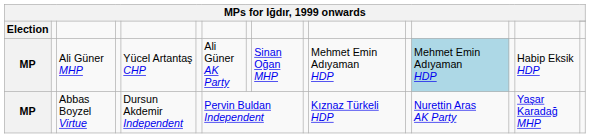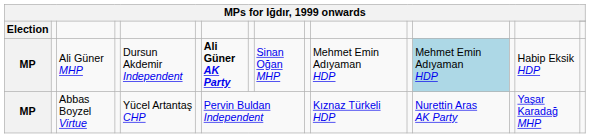 <table class="wikitable">
 <tr>
 <th colspan = 17>MPs for Iğdır, 1999 onwards</th>
 </tr>
 <tr>
 <th rowspan = 2>Election</th>
 <td rowspan="2" style="width:1px;"></td>
 <td rowspan = 2></td>
 <td rowspan="2" style="width:1px;"></td>
 <td rowspan = 2></td>
 <td rowspan="2" style="width:1px;"></td>
 <td rowspan = 2></td>
 <td rowspan="2" style="width:1px;"></td>
 <td rowspan = 2></td>
 <td rowspan="2" style="width:1px;"></td>
 <td rowspan = 2></td>
 <td rowspan="2" style="width:1px;"></td>
 <td rowspan = 2></td>
 <td rowspan="2" style="width:1px;"></td>
 <td rowspan = 2></td>
 </tr>
 <tr>
 <td></td>
 </tr>
 <tr>
 <th>MP</th>
 <td width=1px style="background-color: "></td>
 <td colspan = 1>Ali Güner<br><em><a href='#'>MHP</a></em></td>
 <td width=1px style="background-color: "></td>
-<td colspan = 1>Yücel Artantaş<br><em><a href='#'>CHP</a></em></td>
+<td colspan = 1>Dursun Akdemir<br><em><a href='#'>Independent</a></em></td>
 <td width=1px style="background-color: "></td>
-<td colspan = 1>Ali Güner<br><em><a href='#'>AK Party</a></em></td>
+<td colspan = 1><strong>Ali Güner<br><em><a href='#'>AK Party</a></em></strong></td>
 <td width=1px style="background-color: "></td>
 <td colspan = 1><a href='#'>Sinan Oğan</a><br><em><a href='#'>MHP</a></em></td>
 <td width=1px style="background-color: "></td>
 <td colspan = 1>Mehmet Emin Adıyaman<br><em><a href='#'>HDP</a></em></td>
 <td width=1px style="background-color: "></td>
 <td colspan = 1 style="background: lightblue;">Mehmet Emin Adıyaman<br><em><a href='#'>HDP</a></em></td>
 <td width=1px style="background-color: "></td>
 <td colspan = 1>Habip Eksik<br><em><a href='#'>HDP</a></em></td>
 <td width=1px style="background-color: "></td>
 </tr>
 <tr>
 <th>MP</th>
 <td width=1px style="background-color: "></td>
 <td colspan = 1>Abbas Boyzel<br><em><a href='#'>Virtue</a></em></td>
 <td width=1px style="background-color: "></td>
-<td colspan = 1>Dursun Akdemir<br><em><a href='#'>Independent</a></em></td>
+<td colspan = 1>Yücel Artantaş<br><em><a href='#'>CHP</a></em></td>
 <td width=1px style="background-color: "></td>
 <td colspan = 3><a href='#'>Pervin Buldan</a><br><em><a href='#'>Independent</a></em></td>
 <td width=1px style="background-color: "></td>
 <td colspan = 1><a href='#'>Kıznaz Türkeli</a><br><em><a href='#'>HDP</a></em></td>
 <td width=1px style="background-color: "></td>
 <td colspan = 1><a href='#'>Nurettin Aras</a><br><em><a href='#'>AK Party</a></em></td>
 <td width=1px style="background-color: "></td>
 <td colspan = 1><a href='#'>Yaşar Karadağ</a><br><em><a href='#'>MHP</a></em></td>
 <td width=1px style="background-color: "></td>
 </tr>
 </table>
